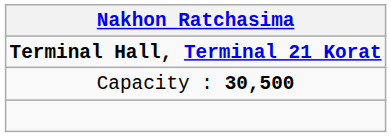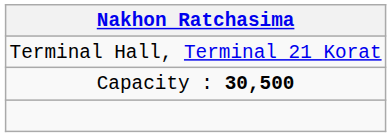 <table class="wikitable" style="text-align:center;margin:1em auto;">
 <tr>
 <th><a href='#'>Nakhon Ratchasima</a></th>
 </tr>
 <tr>
-<td><strong>Terminal Hall, <a href='#'>Terminal 21 Korat</a></strong></td>
+<td>Terminal Hall, <a href='#'>Terminal 21 Korat</a></td>
 </tr>
 <tr>
 <td>Capacity : <strong>30,500</strong></td>
 </tr>
 <tr>
 <td><br></td>
 </tr>
 </table>
